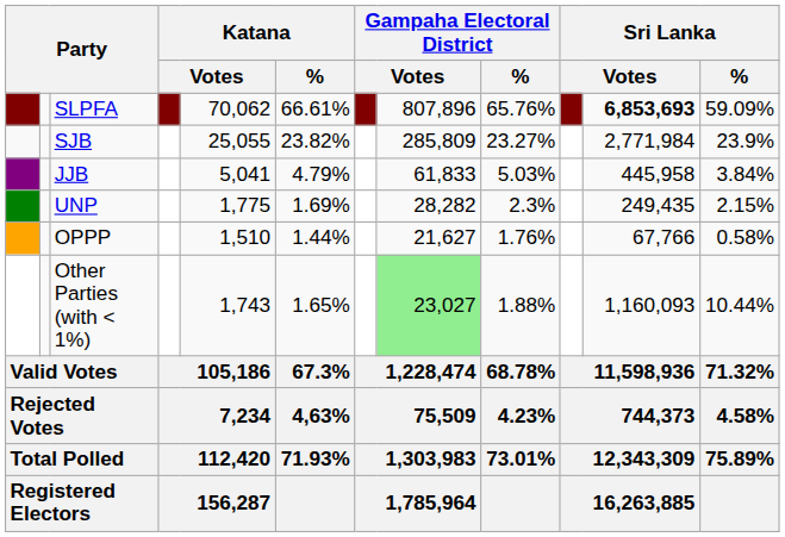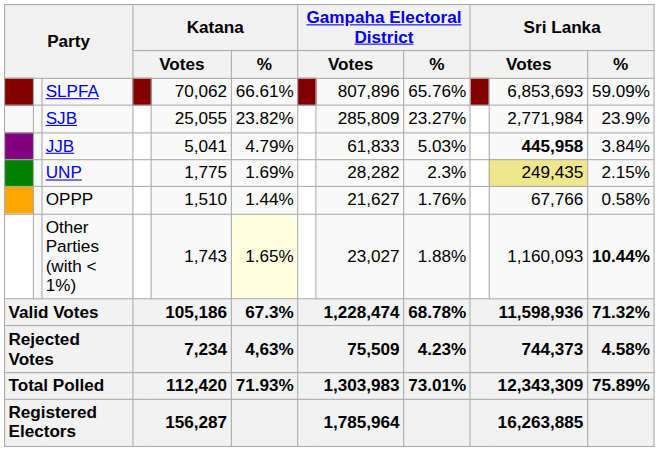 <table class="wikitable">
 <tr>
 <th colspan="3" width="144px"rowspan="2">Party</th>
 <th colspan="3" width="216px">Katana</th>
 <th colspan="3" width="216px"><a href='#'>Gampaha Electoral District</a></th>
 <th colspan="3" width="216px">Sri Lanka</th>
 </tr>
 <tr>
 <th colspan="2" width="144px">Votes</th>
 <th>%</th>
 <th colspan="2" width="144px">Votes</th>
 <th>%</th>
 <th colspan="2" width="144px">Votes</th>
 <th>%</th>
 </tr>
 <tr>
 <td style="background-color:maroon;" width="20px"></td>
 <td></td>
 <td style="text-align:left;"><a href='#'>SLPFA</a></td>
 <td style="background-color:maroon;" width="10px"></td>
 <td style="text-align:right;">70,062</td>
 <td style="text-align:right;">66.61%</td>
 <td style="background-color:maroon;" width="10px"></td>
 <td style="text-align:right;">807,896</td>
 <td style="text-align:right;">65.76%</td>
 <td style="background-color:maroon;" width="10px"></td>
-<td style="text-align:right;"><strong>6,853,693</strong></td>
+<td style="text-align:right;">6,853,693</td>
 <td style="text-align:right;">59.09%</td>
 </tr>
 <tr>
 <td style="background-color:"></td>
 <td></td>
 <td style="text-align:left;"><a href='#'>SJB</a></td>
 <td style="background-color:white;" width="10px"></td>
 <td style="text-align:right;">25,055</td>
 <td style="text-align:right;">23.82%</td>
 <td style="background-color:white;" width="10px"></td>
 <td style="text-align:right;">285,809</td>
 <td style="text-align:right;">23.27%</td>
 <td style="background-color:white;" width="10px"></td>
 <td style="text-align:right;">2,771,984</td>
 <td style="text-align:right;">23.9%</td>
 </tr>
 <tr>
 <td style="background-color:purple;" width="20px"></td>
 <td></td>
 <td style="text-align:left;"><a href='#'>JJB</a></td>
 <td style="background-color:white;" width="10px"></td>
 <td style="text-align:right;">5,041</td>
 <td style="text-align:right;">4.79%</td>
 <td style="background-color:white;" width="10px"></td>
 <td style="text-align:right;">61,833</td>
 <td style="text-align:right;">5.03%</td>
 <td style="background-color:white;" width="10px"></td>
-<td style="text-align:right;">445,958</td>
+<td style="text-align:right;"><strong>445,958</strong></td>
 <td style="text-align:right;">3.84%</td>
 </tr>
 <tr>
 <td style="background-color:green;" width="20px"></td>
 <td></td>
 <td style="text-align:left;"><a href='#'>UNP</a></td>
 <td style="background-color:white;" width="10px"></td>
 <td style="text-align:right;">1,775</td>
 <td style="text-align:right;">1.69%</td>
 <td style="background-color:white;" width="10px"></td>
 <td style="text-align:right;">28,282</td>
 <td style="text-align:right;">2.3%</td>
 <td style="background-color:white;" width="10px"></td>
-<td style="text-align:right;">249,435</td>
+<td style="background: khaki; text-align:right;">249,435</td>
 <td style="text-align:right;">2.15%</td>
 </tr>
 <tr>
 <td style="background-color:orange;" width="20px"></td>
 <td></td>
 <td style="text-align:left;">OPPP</td>
 <td style="background-color:white;" width="10px"></td>
 <td style="text-align:right;">1,510</td>
 <td style="text-align:right;">1.44%</td>
 <td style="background-color:white;" width="10px"></td>
 <td style="text-align:right;">21,627</td>
 <td style="text-align:right;">1.76%</td>
 <td style="background-color:white;" width="10px"></td>
 <td style="text-align:right;">67,766</td>
 <td style="text-align:right;">0.58%</td>
 </tr>
 <tr>
 <td style="background-color:white;" width="20px"></td>
 <td></td>
 <td style="text-align:left;">Other Parties (with < 1%)</td>
 <td style="background-color:white;" width="10px"></td>
 <td style="text-align:right;">1,743</td>
-<td style="text-align:right;">1.65%</td>
+<td style="background: lightyellow; text-align:right;">1.65%</td>
 <td style="background-color:white;" width="10px"></td>
-<td style="background: lightgreen; text-align:right;">23,027</td>
+<td style="text-align:right;">23,027</td>
 <td style="text-align:right;">1.88%</td>
 <td style="background-color:white;" width="10px"></td>
 <td style="text-align:right;">1,160,093</td>
-<td style="text-align:right;">10.44%</td>
+<td style="text-align:right;"><strong>10.44%</strong></td>
 </tr>
 <tr>
 <th colspan="3" width="144px"style="text-align:left;">Valid Votes</th>
 <th style="text-align:right;"colspan="2" width="144px">105,186</th>
 <th style="text-align:right;">67.3%</th>
 <th style="text-align:right;"colspan="2" width="144px">1,228,474</th>
 <th style="text-align:right;">68.78%</th>
 <th style="text-align:right;"colspan="2" width="144px">11,598,936</th>
 <th style="text-align:right;">71.32%</th>
 </tr>
 <tr>
 <th colspan="3" width="144px"style="text-align:left;">Rejected Votes</th>
 <th style="text-align:right;"colspan="2" width="144px">7,234</th>
 <th style="text-align:right;">4,63%</th>
 <th style="text-align:right;"colspan="2" width="144px">75,509</th>
 <th style="text-align:right;">4.23%</th>
 <th style="text-align:right;"colspan="2" width="144px">744,373</th>
 <th style="text-align:right;">4.58%</th>
 </tr>
 <tr>
 <th colspan="3" width="144px"style="text-align:left;">Total Polled</th>
 <th style="text-align:right;"colspan="2" width="144px">112,420</th>
 <th style="text-align:right;">71.93%</th>
 <th style="text-align:right;"colspan="2" width="144px">1,303,983</th>
 <th style="text-align:right;">73.01%</th>
 <th style="text-align:right;"colspan="2" width="144px">12,343,309</th>
 <th style="text-align:right;">75.89%</th>
 </tr>
 <tr>
 <th colspan="3" width="144px"style="text-align:left;">Registered Electors</th>
 <th style="text-align:right;"colspan="2" width="144px">156,287</th>
 <th></th>
 <th style="text-align:right;"colspan="2" width="144px">1,785,964</th>
 <th></th>
 <th style="text-align:right;"colspan="2" width="144px">16,263,885</th>
 <th></th>
 </tr>
 </table>
